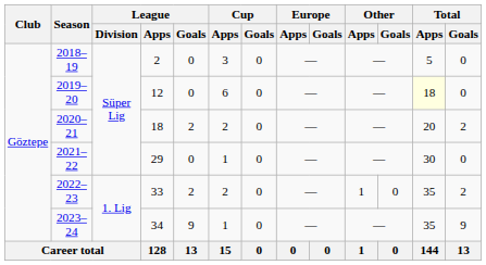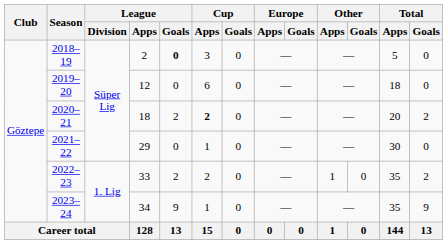 <table class="wikitable" style="text-align: center">
 <tr>
 <th rowspan="2">Club</th>
 <th rowspan="2">Season</th>
 <th colspan="3">League</th>
 <th colspan="2">Cup</th>
 <th colspan="2">Europe</th>
 <th colspan="2">Other</th>
 <th colspan="2">Total</th>
 </tr>
 <tr>
 <th>Division</th>
 <th>Apps</th>
 <th>Goals</th>
 <th>Apps</th>
 <th>Goals</th>
 <th>Apps</th>
 <th>Goals</th>
 <th>Apps</th>
 <th>Goals</th>
 <th>Apps</th>
 <th>Goals</th>
 </tr>
 <tr>
 <td rowspan="6"><a href='#'>Göztepe</a></td>
 <td><a href='#'>2018–19</a></td>
 <td rowspan="4"><a href='#'>Süper Lig</a></td>
 <td>2</td>
-<td>0</td>
+<td><strong>0</strong></td>
 <td>3</td>
 <td>0</td>
 <td colspan="2">—</td>
 <td colspan="2">—</td>
 <td>5</td>
 <td>0</td>
 </tr>
 <tr>
 <td><a href='#'>2019–20</a></td>
 <td>12</td>
 <td>0</td>
 <td>6</td>
 <td>0</td>
 <td colspan="2">—</td>
 <td colspan="2">—</td>
-<td style="background: lightyellow;">18</td>
+<td>18</td>
 <td>0</td>
 </tr>
 <tr>
 <td><a href='#'>2020–21</a></td>
 <td>18</td>
 <td>2</td>
-<td>2</td>
+<td><strong>2</strong></td>
 <td>0</td>
 <td colspan="2">—</td>
 <td colspan="2">—</td>
 <td>20</td>
 <td>2</td>
 </tr>
 <tr>
 <td><a href='#'>2021–22</a></td>
 <td>29</td>
 <td>0</td>
 <td>1</td>
 <td>0</td>
 <td colspan="2">—</td>
 <td colspan="2">—</td>
 <td>30</td>
 <td>0</td>
 </tr>
 <tr>
 <td><a href='#'>2022–23</a></td>
 <td rowspan="2"><a href='#'>1. Lig</a></td>
 <td>33</td>
 <td>2</td>
 <td>2</td>
 <td>0</td>
 <td colspan="2">—</td>
 <td>1</td>
 <td>0</td>
 <td>35</td>
 <td>2</td>
 </tr>
 <tr>
 <td><a href='#'>2023–24</a></td>
 <td>34</td>
 <td>9</td>
 <td>1</td>
 <td>0</td>
 <td colspan="2">—</td>
 <td colspan="2">—</td>
 <td>35</td>
 <td>9</td>
 </tr>
 <tr>
 <th colspan="3"><strong>Career total</strong></th>
 <th>128</th>
 <th>13</th>
 <th>15</th>
 <th>0</th>
 <th>0</th>
 <th>0</th>
 <th>1</th>
 <th>0</th>
 <th>144</th>
 <th>13</th>
 </tr>
 </table>
